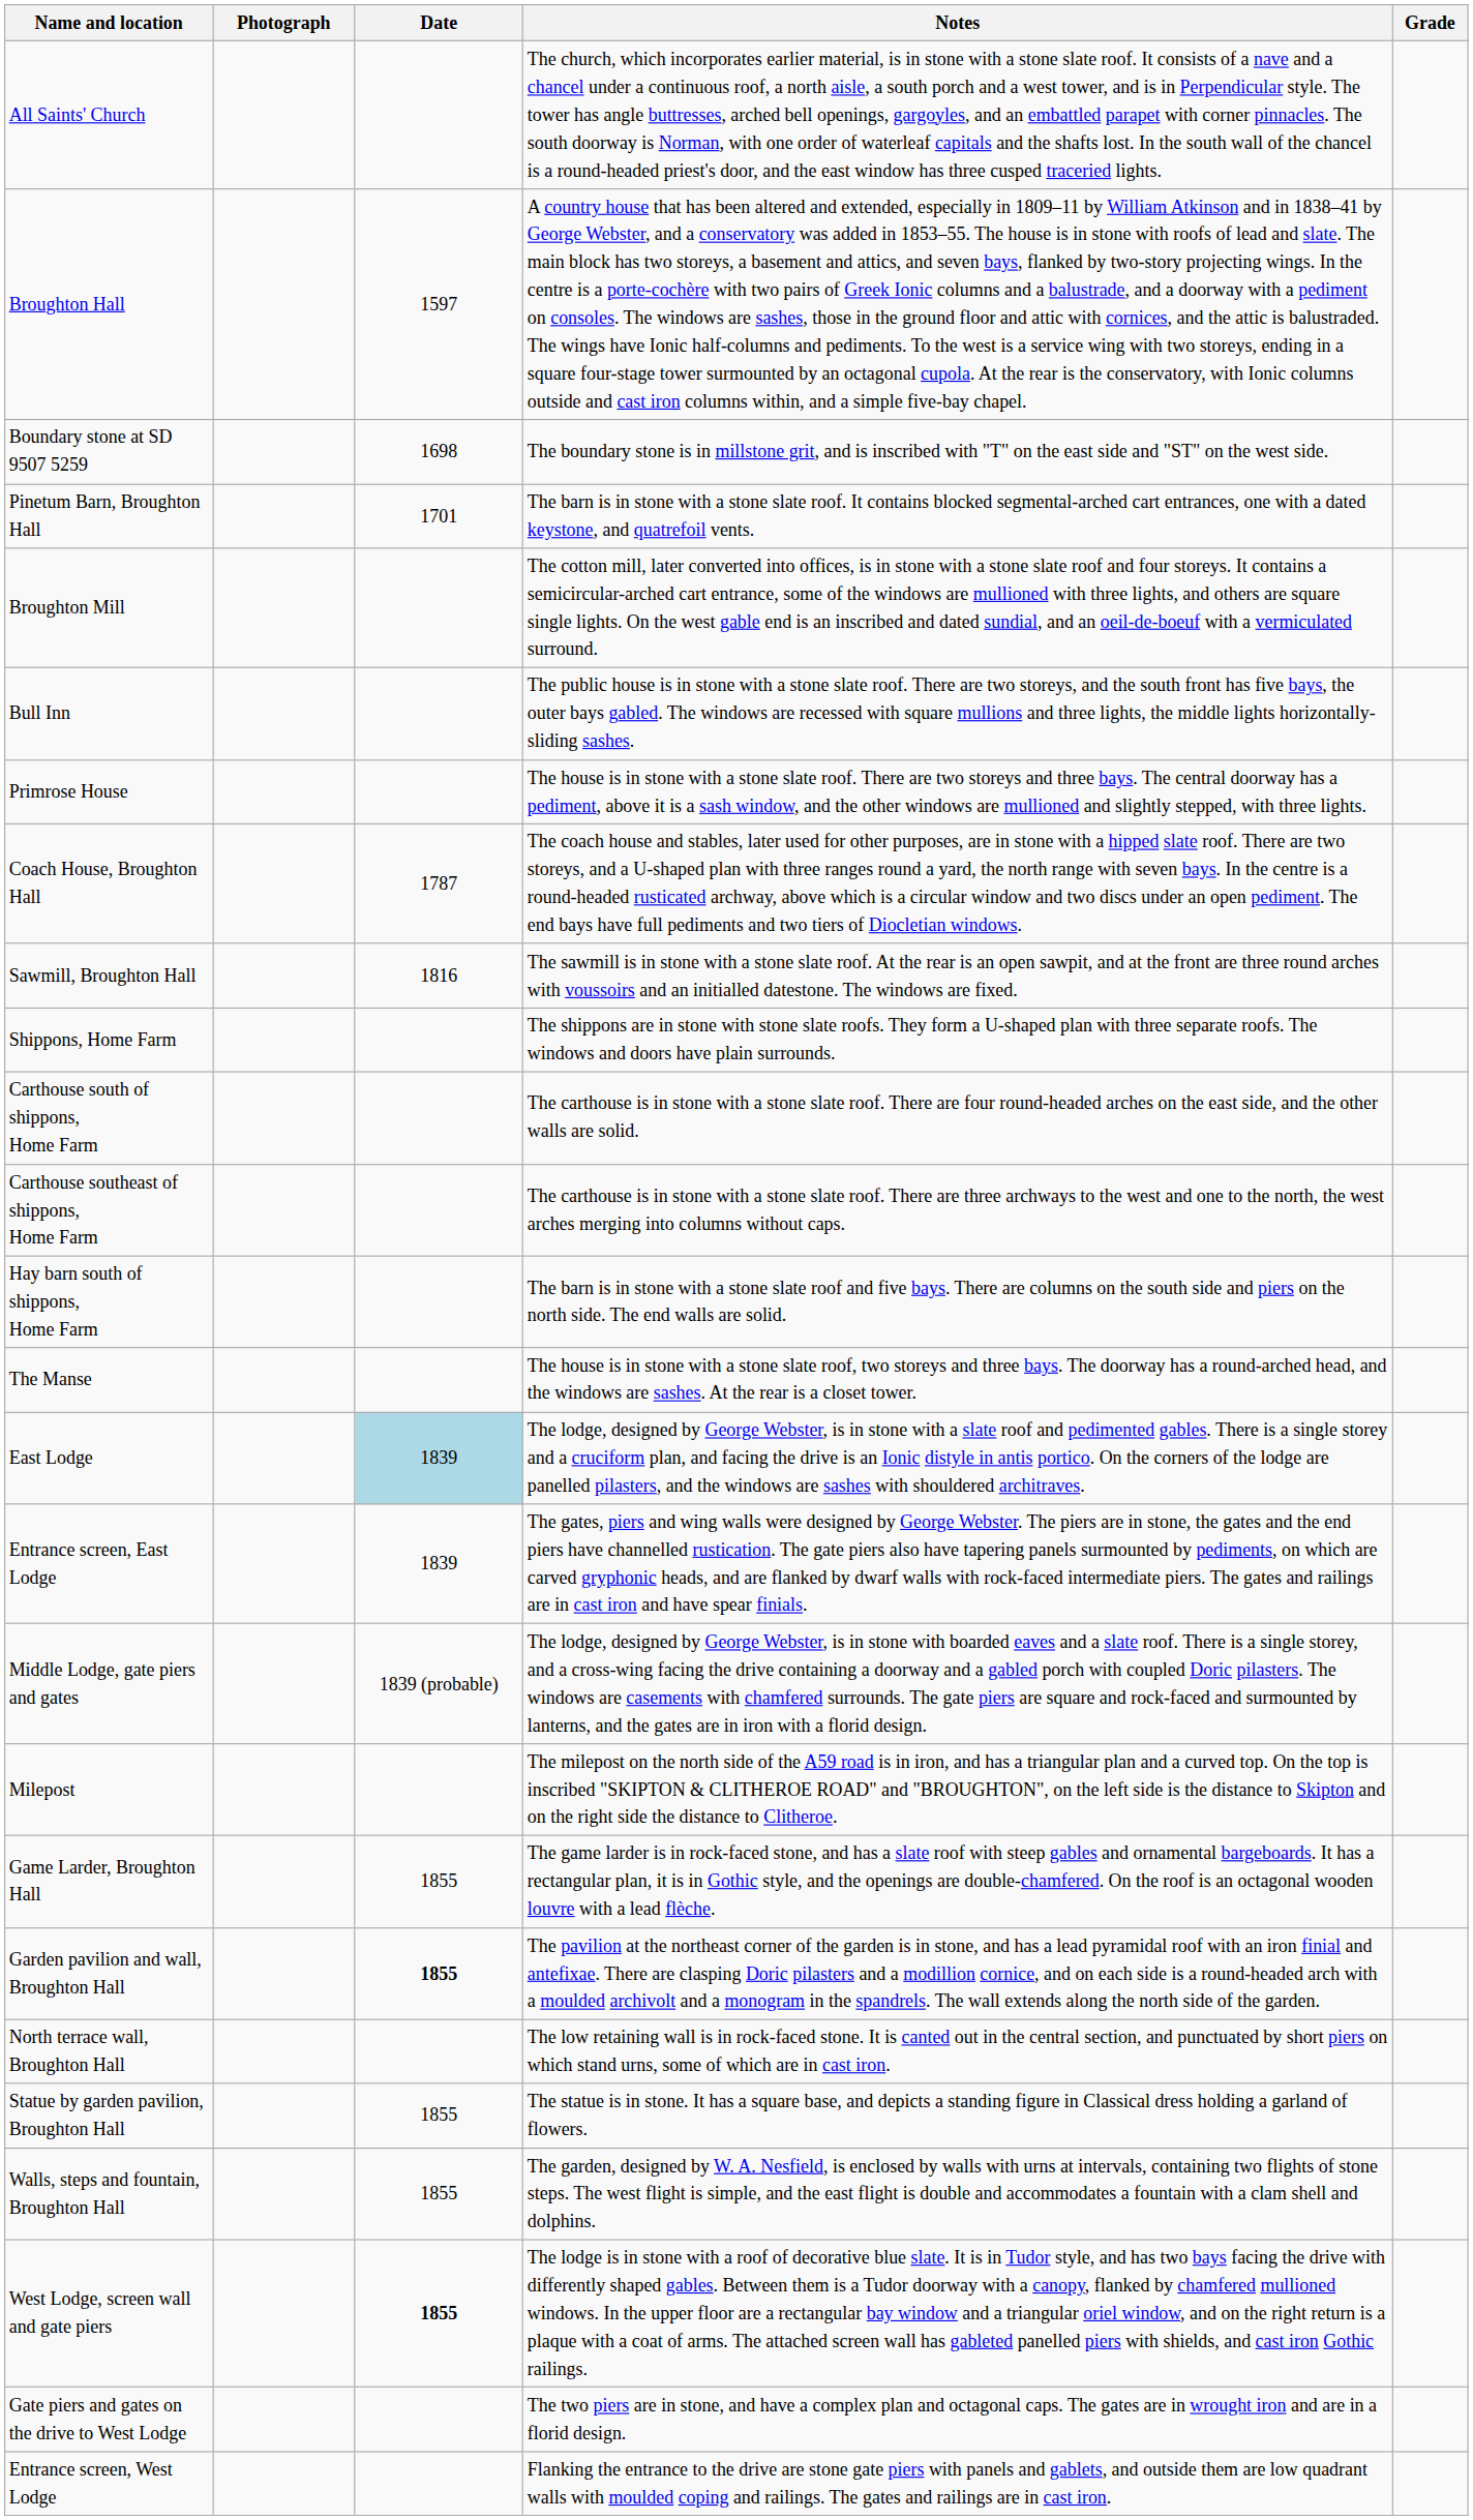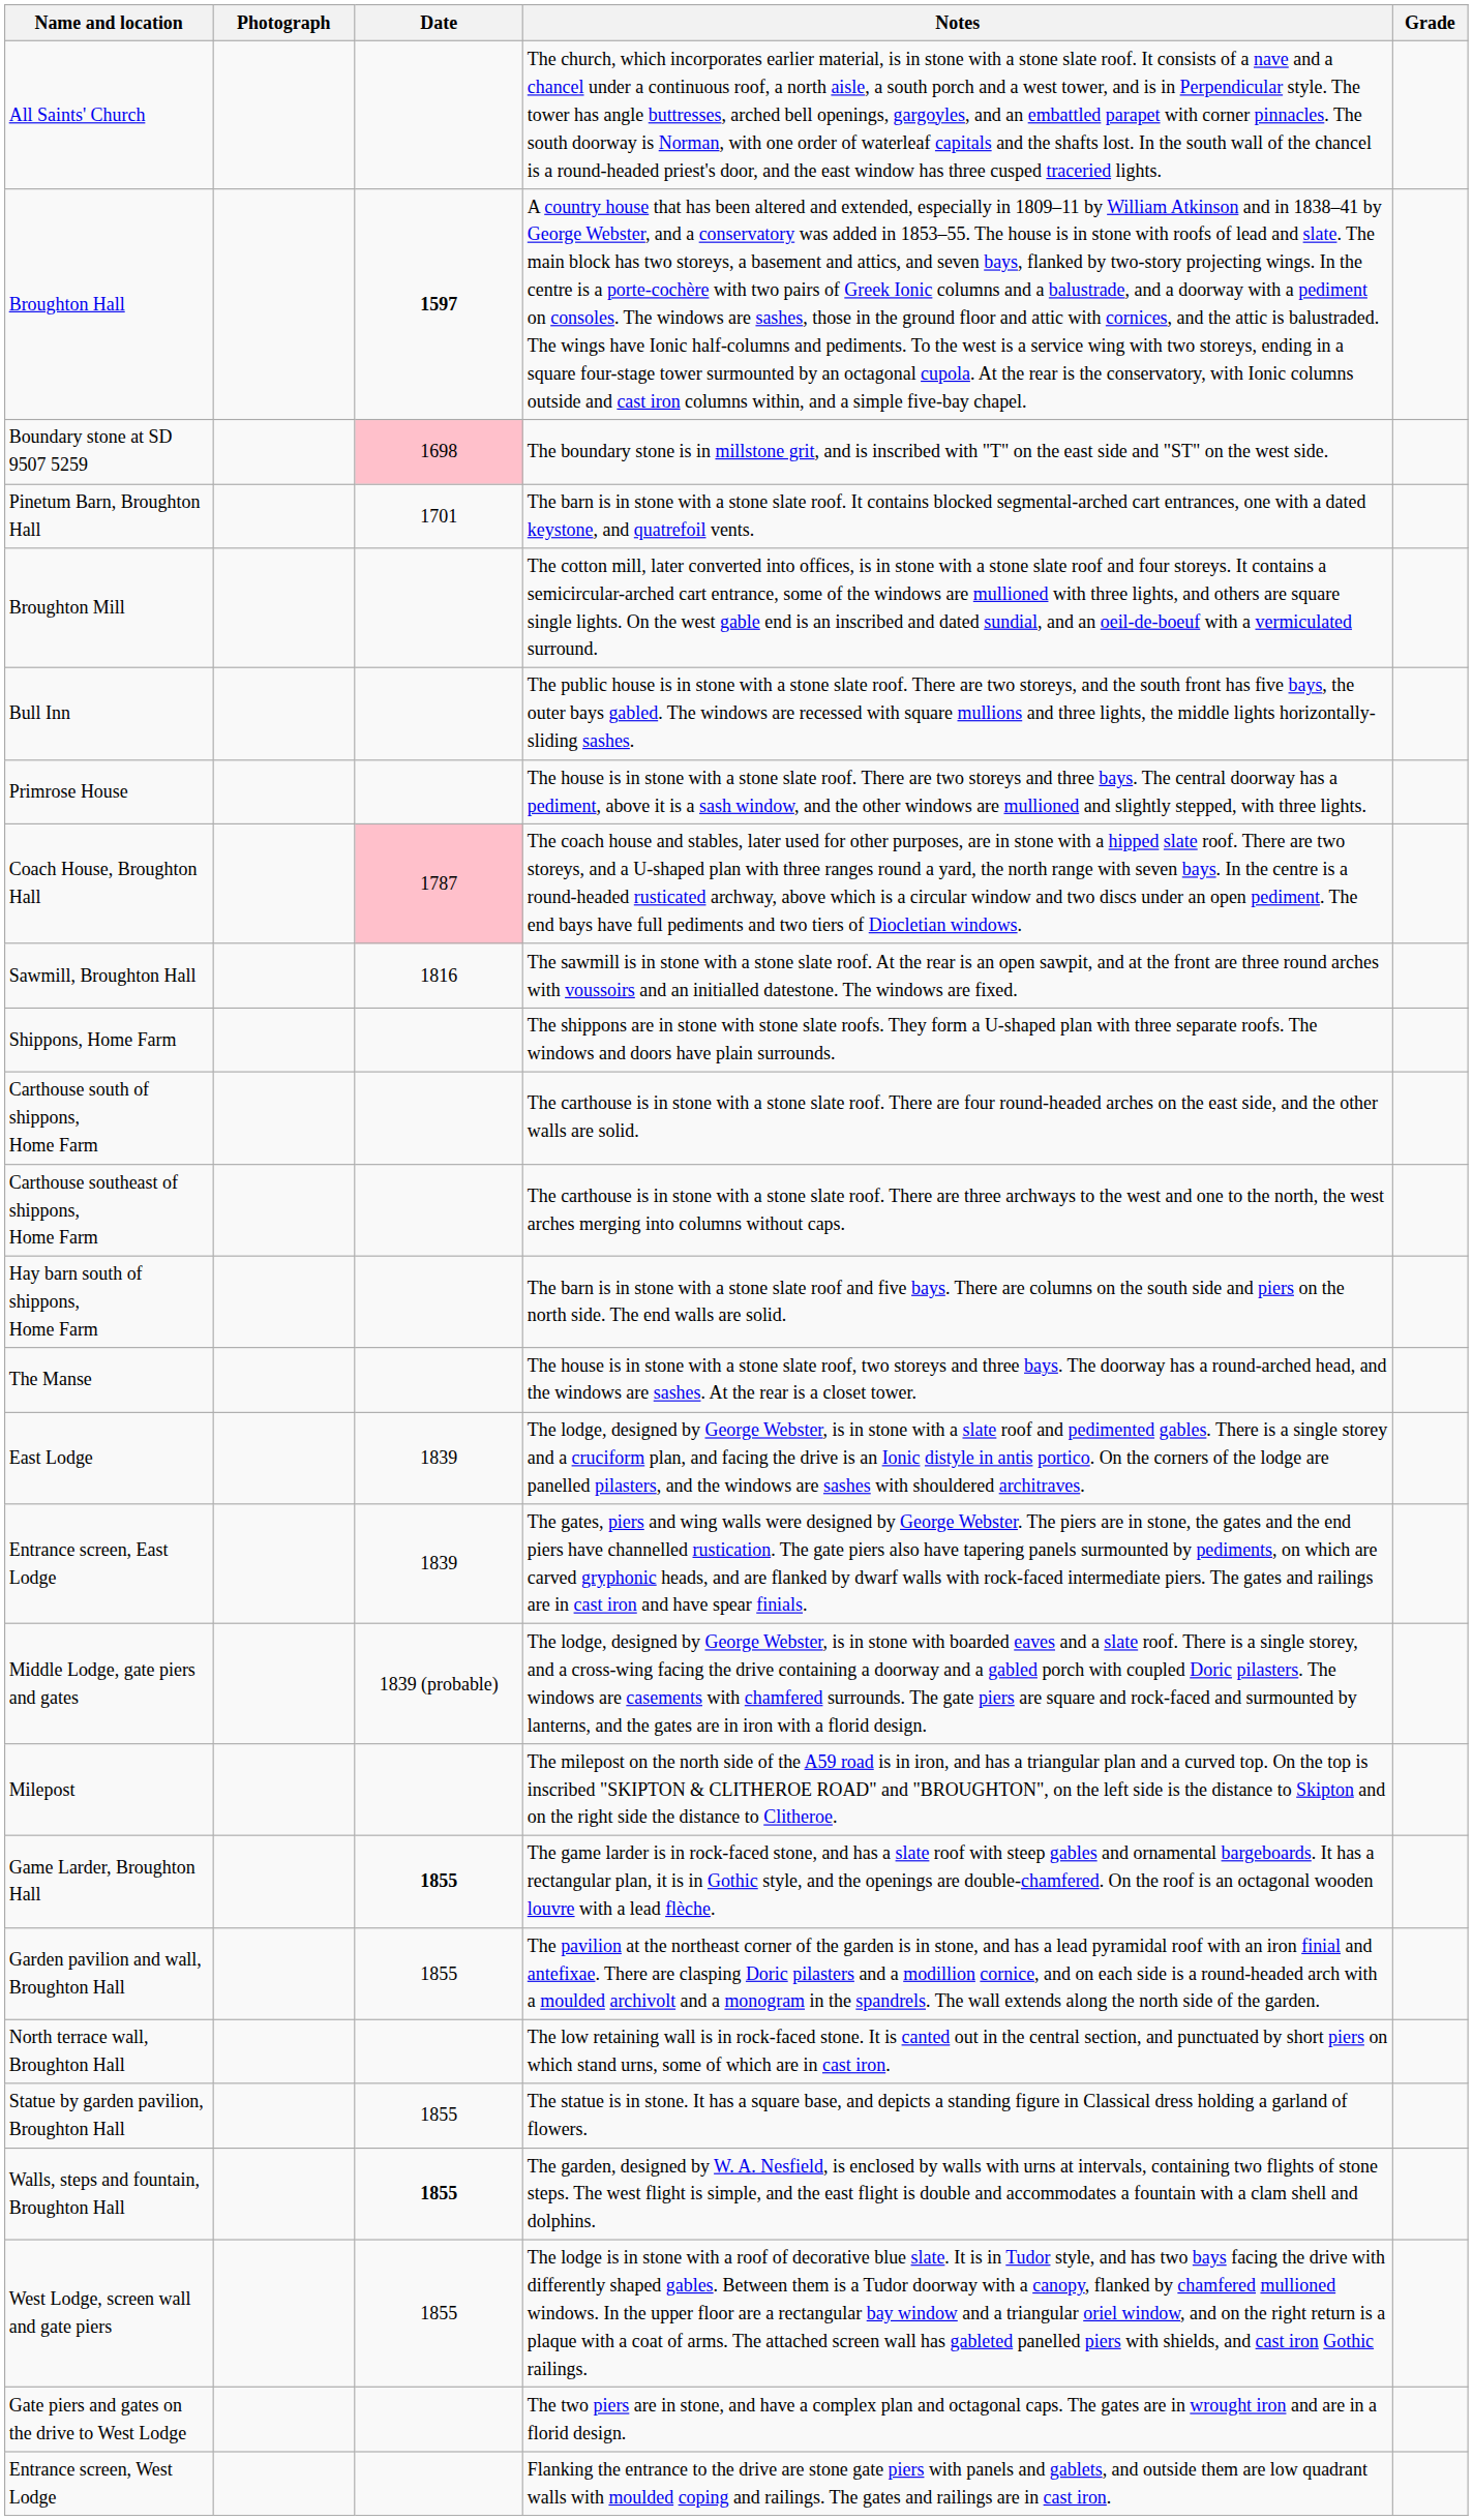 <table class="wikitable sortable plainrowheaders" style="width:100%; border:0px; text-align:left; line-height:150%">
 <tr>
 <th scope="col"  style="width:150px">Name and location</th>
 <th scope="col"  style="width:100px" class="unsortable">Photograph</th>
 <th scope="col"  style="width:120px">Date</th>
 <th scope="col"  style="width:650px" class="unsortable">Notes</th>
 <th scope="col"  style="width:50px">Grade</th>
 </tr>
 <tr>
 <td><a href='#'>All Saints' Church</a><br><small></small></td>
 <td></td>
 <td align="center"></td>
 <td>The church, which incorporates earlier material, is in stone with a stone slate roof.  It consists of a <a href='#'>nave</a> and a <a href='#'>chancel</a> under a continuous roof, a north <a href='#'>aisle</a>, a south porch and a west tower, and is in <a href='#'>Perpendicular</a> style.  The tower has angle <a href='#'>buttresses</a>, arched bell openings, <a href='#'>gargoyles</a>, and an <a href='#'>embattled</a> <a href='#'>parapet</a> with corner <a href='#'>pinnacles</a>.  The south doorway is <a href='#'>Norman</a>, with one order of waterleaf <a href='#'>capitals</a> and the shafts lost.  In the south wall of the chancel is a round-headed priest's door, and the east window has three cusped <a href='#'>traceried</a> lights.</td>
 <td align="center" ></td>
 </tr>
 <tr>
 <td><a href='#'>Broughton Hall</a><br><small></small></td>
 <td></td>
-<td align="center">1597</td>
+<td align="center"><strong>1597</strong></td>
 <td>A <a href='#'>country house</a> that has been altered and extended, especially in 1809–11 by <a href='#'>William Atkinson</a> and in 1838–41 by <a href='#'>George Webster</a>, and a <a href='#'>conservatory</a> was added in 1853–55.  The house is in stone with roofs of lead and <a href='#'>slate</a>.  The main block has two storeys, a basement and attics, and seven <a href='#'>bays</a>, flanked by two-story projecting wings.  In the centre is a <a href='#'>porte-cochère</a> with two pairs of <a href='#'>Greek Ionic</a> columns and a <a href='#'>balustrade</a>, and a doorway with a <a href='#'>pediment</a> on <a href='#'>consoles</a>.  The windows are <a href='#'>sashes</a>, those in the ground floor and attic with <a href='#'>cornices</a>, and the attic is balustraded.  The wings have Ionic half-columns and pediments.  To the west is a service wing with two storeys, ending in a square four-stage tower surmounted by an octagonal <a href='#'>cupola</a>.  At the rear is the conservatory, with Ionic columns outside and <a href='#'>cast iron</a> columns within, and a simple five-bay chapel.</td>
 <td align="center" ></td>
 </tr>
 <tr>
 <td>Boundary stone at SD 9507 5259<br><small></small></td>
 <td></td>
-<td align="center">1698</td>
+<td align="center" style="background: pink;">1698</td>
 <td>The boundary stone is in <a href='#'>millstone grit</a>, and is inscribed with "T" on the east side and "ST" on the west side.</td>
 <td align="center" ></td>
 </tr>
 <tr>
 <td>Pinetum Barn, Broughton Hall<br><small></small></td>
 <td></td>
 <td align="center">1701</td>
 <td>The barn is in stone with a stone slate roof.  It contains blocked segmental-arched cart entrances, one with a dated <a href='#'>keystone</a>, and <a href='#'>quatrefoil</a> vents.</td>
 <td align="center" ></td>
 </tr>
 <tr>
 <td>Broughton Mill<br><small></small></td>
 <td></td>
 <td align="center"></td>
 <td>The cotton mill, later converted into offices, is in stone with a stone slate roof and four storeys.  It contains a semicircular-arched cart entrance, some of the windows are <a href='#'>mullioned</a> with three lights, and others are square single lights.  On the west <a href='#'>gable</a> end is an inscribed and dated <a href='#'>sundial</a>, and an <a href='#'>oeil-de-boeuf</a> with a <a href='#'>vermiculated</a> surround.</td>
 <td align="center" ></td>
 </tr>
 <tr>
 <td>Bull Inn<br><small></small></td>
 <td></td>
 <td align="center"></td>
 <td>The public house is in stone with a stone slate roof.  There are two storeys, and the south front has five <a href='#'>bays</a>, the outer bays <a href='#'>gabled</a>.  The windows are recessed with square <a href='#'>mullions</a> and three lights, the middle lights horizontally-sliding <a href='#'>sashes</a>.</td>
 <td align="center" ></td>
 </tr>
 <tr>
 <td>Primrose House<br><small></small></td>
 <td></td>
 <td align="center"></td>
 <td>The house is in stone with a stone slate roof.  There are two storeys and three <a href='#'>bays</a>. The central doorway has a <a href='#'>pediment</a>, above it is a <a href='#'>sash window</a>, and the other windows are <a href='#'>mullioned</a> and slightly stepped, with three lights.</td>
 <td align="center" ></td>
 </tr>
 <tr>
 <td>Coach House, Broughton Hall<br><small></small></td>
 <td></td>
-<td align="center">1787</td>
+<td align="center" style="background: pink;">1787</td>
 <td>The coach house and stables, later used for other purposes, are in stone with a <a href='#'>hipped</a> <a href='#'>slate</a> roof.  There are two storeys, and a U-shaped plan with three ranges round a yard, the north range with seven <a href='#'>bays</a>.  In the centre is a round-headed <a href='#'>rusticated</a> archway, above which is a circular window and two discs under an open <a href='#'>pediment</a>.  The end bays have full pediments and two tiers of <a href='#'>Diocletian windows</a>.</td>
 <td align="center" ></td>
 </tr>
 <tr>
 <td>Sawmill, Broughton Hall<br><small></small></td>
 <td></td>
 <td align="center">1816</td>
 <td>The sawmill is in stone with a stone slate roof.  At the rear is an open sawpit, and at the front are three round arches with <a href='#'>voussoirs</a> and an initialled datestone.  The windows are fixed.</td>
 <td align="center" ></td>
 </tr>
 <tr>
 <td>Shippons, Home Farm<br><small></small></td>
 <td></td>
 <td align="center"></td>
 <td>The shippons are in stone with stone slate roofs.  They form a U-shaped plan with three separate roofs.  The windows and doors have plain surrounds.</td>
 <td align="center" ></td>
 </tr>
 <tr>
 <td>Carthouse south of shippons,<br>Home Farm<br><small></small></td>
 <td></td>
 <td align="center"></td>
 <td>The carthouse is in stone with a stone slate roof.  There are four round-headed arches on the east side, and the other walls are solid.</td>
 <td align="center" ></td>
 </tr>
 <tr>
 <td>Carthouse southeast of shippons,<br>Home Farm<br><small></small></td>
 <td></td>
 <td align="center"></td>
 <td>The carthouse is in stone with a stone slate roof.  There are three archways to the west and one to the north, the west arches merging into columns without caps.</td>
 <td align="center" ></td>
 </tr>
 <tr>
 <td>Hay barn south of shippons,<br>Home Farm<br><small></small></td>
 <td></td>
 <td align="center"></td>
 <td>The barn is in stone with a stone slate roof and five <a href='#'>bays</a>.  There are columns on the south side and <a href='#'>piers</a> on the north side.  The end walls are solid.</td>
 <td align="center" ></td>
 </tr>
 <tr>
 <td>The Manse<br><small></small></td>
 <td></td>
 <td align="center"></td>
 <td>The house is in stone with a stone slate roof, two storeys and three <a href='#'>bays</a>.  The doorway has a round-arched head, and the windows are <a href='#'>sashes</a>.  At the rear is a closet tower.</td>
 <td align="center" ></td>
 </tr>
 <tr>
 <td>East Lodge<br><small></small></td>
 <td></td>
-<td align="center" style="background: lightblue;">1839</td>
+<td align="center">1839</td>
 <td>The lodge, designed by <a href='#'>George Webster</a>, is in stone with a <a href='#'>slate</a> roof and <a href='#'>pedimented</a> <a href='#'>gables</a>.  There is a single storey and a <a href='#'>cruciform</a> plan, and facing the drive is an <a href='#'>Ionic</a> <a href='#'>distyle in antis</a> <a href='#'>portico</a>.  On the corners of the lodge are panelled <a href='#'>pilasters</a>, and the windows are <a href='#'>sashes</a> with shouldered <a href='#'>architraves</a>.</td>
 <td align="center" ></td>
 </tr>
 <tr>
 <td>Entrance screen, East Lodge<br><small></small></td>
 <td></td>
 <td align="center">1839</td>
 <td>The gates, <a href='#'>piers</a> and wing walls were designed by <a href='#'>George Webster</a>.  The piers are in stone, the gates and the end piers have channelled <a href='#'>rustication</a>.  The gate piers also have tapering panels surmounted by <a href='#'>pediments</a>, on which are carved <a href='#'>gryphonic</a> heads, and are flanked by dwarf walls with rock-faced intermediate piers.  The gates and railings are in <a href='#'>cast iron</a> and have spear <a href='#'>finials</a>.</td>
 <td align="center" ></td>
 </tr>
 <tr>
 <td>Middle Lodge, gate piers and gates<br><small></small></td>
 <td></td>
 <td align="center">1839 (probable)</td>
 <td>The lodge, designed by <a href='#'>George Webster</a>, is in stone with boarded <a href='#'>eaves</a> and a <a href='#'>slate</a> roof.  There is a single storey, and a cross-wing facing the drive containing a doorway and a <a href='#'>gabled</a> porch with coupled <a href='#'>Doric</a> <a href='#'>pilasters</a>.  The windows are <a href='#'>casements</a> with <a href='#'>chamfered</a> surrounds.  The gate <a href='#'>piers</a> are square and rock-faced and surmounted by lanterns, and the gates are in iron with a florid design.</td>
 <td align="center" ></td>
 </tr>
 <tr>
 <td>Milepost<br><small></small></td>
 <td></td>
 <td align="center"></td>
 <td>The milepost on the north side of the <a href='#'>A59 road</a> is in iron, and has a triangular plan and a curved top.  On the top is inscribed "SKIPTON & CLITHEROE ROAD" and "BROUGHTON", on the left side is the distance to <a href='#'>Skipton</a> and on the right side the distance to <a href='#'>Clitheroe</a>.</td>
 <td align="center" ></td>
 </tr>
 <tr>
 <td>Game Larder, Broughton Hall<br><small></small></td>
 <td></td>
-<td align="center">1855</td>
+<td align="center"><strong>1855</strong></td>
 <td>The game larder is in rock-faced stone, and has a <a href='#'>slate</a> roof with steep <a href='#'>gables</a> and ornamental <a href='#'>bargeboards</a>.  It has a rectangular plan, it is in <a href='#'>Gothic</a> style, and the openings are double-<a href='#'>chamfered</a>.  On the roof is an octagonal wooden <a href='#'>louvre</a> with a lead <a href='#'>flèche</a>.</td>
 <td align="center" ></td>
 </tr>
 <tr>
 <td>Garden pavilion and wall,<br>Broughton Hall<br><small></small></td>
 <td></td>
-<td align="center"><strong>1855</strong></td>
+<td align="center">1855</td>
 <td>The <a href='#'>pavilion</a> at the northeast corner of the garden is in stone, and has a lead pyramidal roof with an iron <a href='#'>finial</a> and <a href='#'>antefixae</a>.  There are clasping <a href='#'>Doric</a> <a href='#'>pilasters</a> and a <a href='#'>modillion</a> <a href='#'>cornice</a>, and on each side is a round-headed arch with a <a href='#'>moulded</a> <a href='#'>archivolt</a> and a <a href='#'>monogram</a> in the <a href='#'>spandrels</a>. The wall extends along the north side of the garden.</td>
 <td align="center" ></td>
 </tr>
 <tr>
 <td>North terrace wall, Broughton Hall<br><small></small></td>
 <td></td>
 <td align="center"></td>
 <td>The low retaining wall is in rock-faced stone.  It is <a href='#'>canted</a> out in the central section, and punctuated by short <a href='#'>piers</a> on which stand urns, some of which are in <a href='#'>cast iron</a>.</td>
 <td align="center" ></td>
 </tr>
 <tr>
 <td>Statue by garden pavilion,<br>Broughton Hall<br><small></small></td>
 <td></td>
 <td align="center">1855</td>
 <td>The statue is in stone.  It has a square base, and depicts a standing figure in Classical dress holding a garland of flowers.</td>
 <td align="center" ></td>
 </tr>
 <tr>
 <td>Walls, steps and fountain,<br>Broughton Hall<br><small></small></td>
 <td></td>
-<td align="center">1855</td>
+<td align="center"><strong>1855</strong></td>
 <td>The garden, designed by <a href='#'>W. A. Nesfield</a>, is enclosed by walls with urns at intervals, containing two flights of stone steps.  The west flight is simple, and the east flight is double and accommodates a fountain with a clam shell and dolphins.</td>
 <td align="center" ></td>
 </tr>
 <tr>
 <td>West Lodge, screen wall and gate piers<br><small></small></td>
 <td></td>
-<td align="center"><strong>1855</strong></td>
+<td align="center">1855</td>
 <td>The lodge is in stone with a roof of decorative blue <a href='#'>slate</a>.  It is in <a href='#'>Tudor</a> style, and has two <a href='#'>bays</a> facing the drive with differently shaped <a href='#'>gables</a>.  Between them is a Tudor doorway with a <a href='#'>canopy</a>, flanked by <a href='#'>chamfered</a> <a href='#'>mullioned</a> windows.  In the upper floor are a rectangular <a href='#'>bay window</a> and a triangular <a href='#'>oriel window</a>, and on the right return is a plaque with a coat of arms.  The attached screen wall has <a href='#'>gableted</a> panelled <a href='#'>piers</a> with shields, and <a href='#'>cast iron</a> <a href='#'>Gothic</a> railings.</td>
 <td align="center" ></td>
 </tr>
 <tr>
 <td>Gate piers and gates on the drive to West Lodge<br><small></small></td>
 <td></td>
 <td align="center"></td>
 <td>The two <a href='#'>piers</a> are in stone, and have a complex plan and octagonal caps.  The gates are in <a href='#'>wrought iron</a> and are in a florid design.</td>
 <td align="center" ></td>
 </tr>
 <tr>
 <td>Entrance screen, West Lodge<br><small></small></td>
 <td></td>
 <td align="center"></td>
 <td>Flanking the entrance to the drive are stone gate <a href='#'>piers</a> with panels and <a href='#'>gablets</a>, and outside them are low quadrant walls with <a href='#'>moulded</a> <a href='#'>coping</a> and railings.  The gates and railings are in <a href='#'>cast iron</a>.</td>
 <td align="center" ></td>
 </tr>
 <tr>
 </tr>
 </table>
